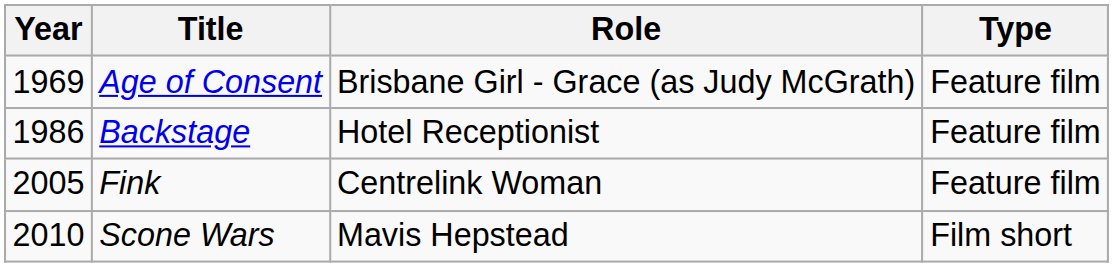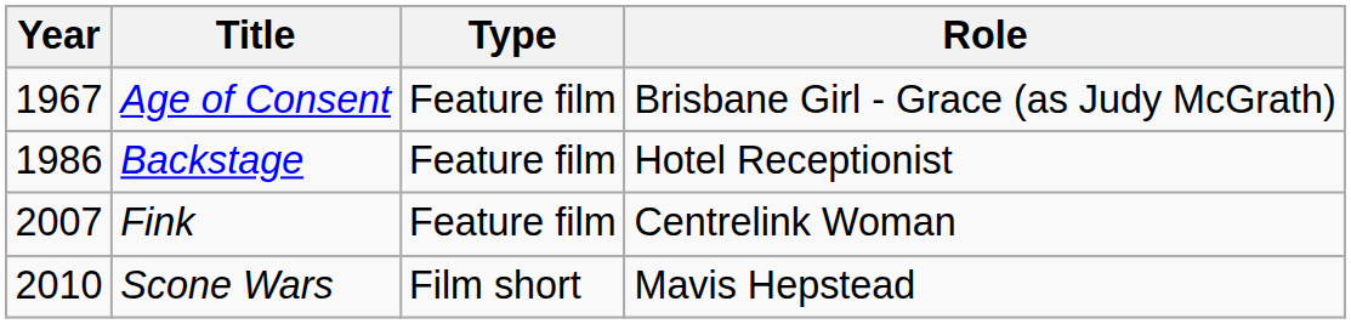 <table class="wikitable">
 <tr>
 <th>Year</th>
 <th>Title</th>
+<th>Type</th>
 <th>Role</th>
-<th>Type</th>
 </tr>
 <tr>
-<td>1969</td>
+<td>1967</td>
 <td><em><a href='#'>Age of Consent</a></em></td>
+<td>Feature film</td>
 <td>Brisbane Girl - Grace (as Judy McGrath)</td>
-<td>Feature film</td>
 </tr>
 <tr>
 <td>1986</td>
 <td><em><a href='#'>Backstage</a></em></td>
+<td>Feature film</td>
 <td>Hotel Receptionist</td>
-<td>Feature film</td>
 </tr>
 <tr>
-<td>2005</td>
+<td>2007</td>
 <td><em>Fink</em></td>
+<td>Feature film</td>
 <td>Centrelink Woman</td>
-<td>Feature film</td>
 </tr>
 <tr>
 <td>2010</td>
 <td><em>Scone Wars</em></td>
+<td>Film short</td>
 <td>Mavis Hepstead</td>
-<td>Film short</td>
 </tr>
 </table>
